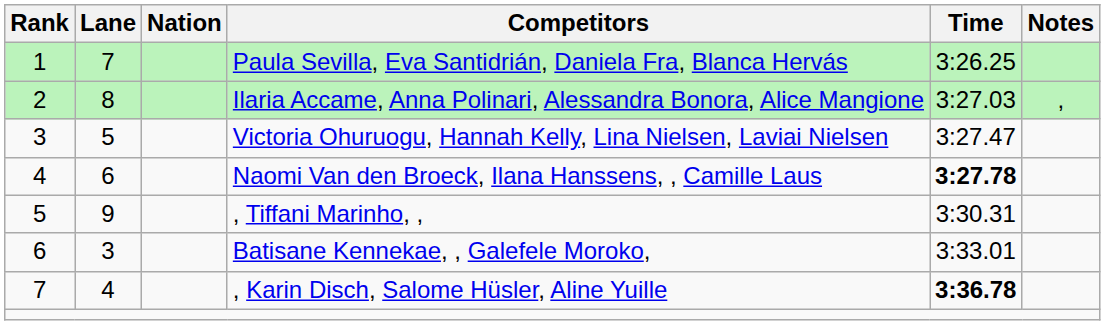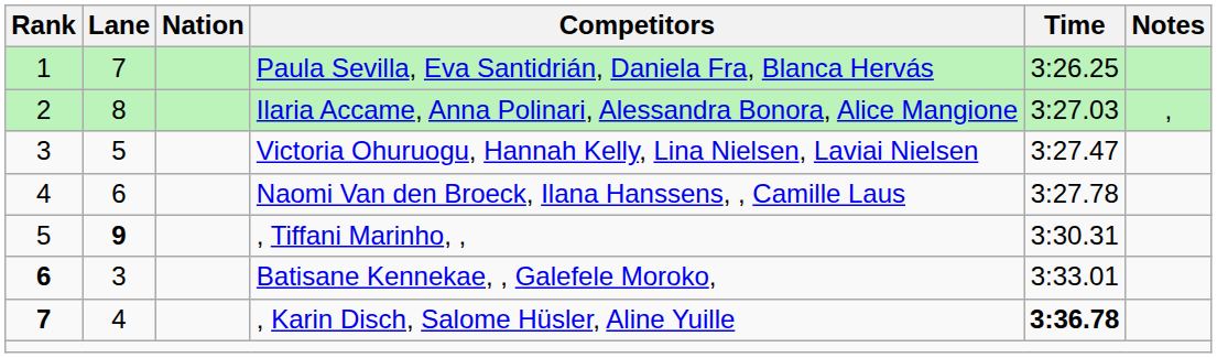 <table class="wikitable sortable" style="text-align:center">
 <tr>
 <th scope="col" style="width: 10px;">Rank</th>
 <th scope="col" style="width: 10px;">Lane</th>
 <th scope="col">Nation</th>
 <th scope="col">Competitors</th>
 <th scope="col">Time</th>
 <th scope="col">Notes</th>
 </tr>
 <tr bgcolor="#bbf3bb">
 <td>1</td>
 <td>7</td>
 <td align="left"></td>
 <td align="left"><a href='#'>Paula Sevilla</a>, <a href='#'>Eva Santidrián</a>, <a href='#'>Daniela Fra</a>, <a href='#'>Blanca Hervás</a></td>
 <td>3:26.25</td>
 <td></td>
 </tr>
 <tr bgcolor="#bbf3bb">
 <td>2</td>
 <td>8</td>
 <td align="left"></td>
 <td align="left"><a href='#'>Ilaria Accame</a>, <a href='#'>Anna Polinari</a>, <a href='#'>Alessandra Bonora</a>, <a href='#'>Alice Mangione</a></td>
 <td>3:27.03</td>
 <td>, </td>
 </tr>
 <tr>
 <td>3</td>
 <td>5</td>
 <td align="left"></td>
 <td align="left"><a href='#'>Victoria Ohuruogu</a>, <a href='#'>Hannah Kelly</a>, <a href='#'>Lina Nielsen</a>, <a href='#'>Laviai Nielsen</a></td>
 <td>3:27.47</td>
 <td></td>
 </tr>
 <tr>
 <td>4</td>
 <td>6</td>
 <td align="left"></td>
 <td align="left"><a href='#'>Naomi Van den Broeck</a>, <a href='#'>Ilana Hanssens</a>, , <a href='#'>Camille Laus</a></td>
-<td><strong>3:27.78</strong></td>
+<td>3:27.78</td>
 <td></td>
 </tr>
 <tr>
 <td>5</td>
-<td>9</td>
+<td><strong>9</strong></td>
 <td align="left"></td>
 <td align="left">, <a href='#'>Tiffani Marinho</a>, , </td>
 <td>3:30.31</td>
 <td></td>
 </tr>
 <tr>
-<td>6</td>
+<td><strong>6</strong></td>
 <td>3</td>
 <td align="left"></td>
 <td align="left"><a href='#'>Batisane Kennekae</a>, , <a href='#'>Galefele Moroko</a>, </td>
 <td>3:33.01</td>
 <td></td>
 </tr>
 <tr>
-<td>7</td>
+<td><strong>7</strong></td>
 <td>4</td>
 <td align="left"></td>
 <td align="left">, <a href='#'>Karin Disch</a>, <a href='#'>Salome Hüsler</a>, <a href='#'>Aline Yuille</a></td>
 <td><strong>3:36.78</strong></td>
 <td></td>
 </tr>
 <tr class="sortbottom">
 <td colspan="6"></td>
 </tr>
 </table>
